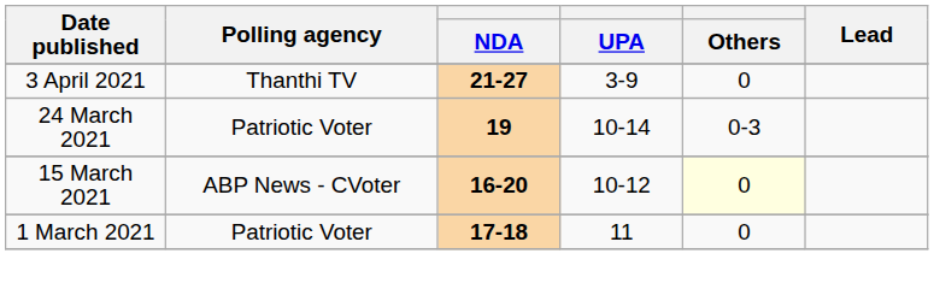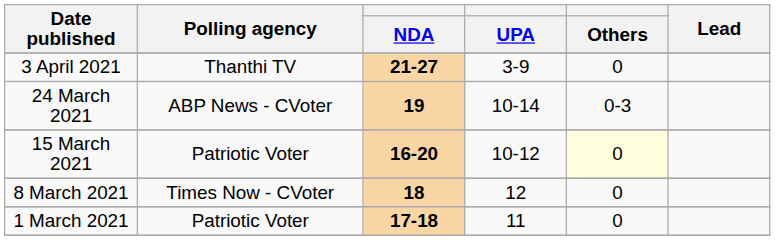 <table class="wikitable sortable" style="text-align:center;font-size:95%;line-height:16px">
 <tr>
 <th rowspan="2" width="100px">Date published</th>
 <th rowspan="2" width="175px">Polling agency</th>
 <th style="background:"></th>
 <th style="background:"></th>
 <th style="background:"></th>
 <th rowspan="2" width="75px">Lead</th>
 </tr>
 <tr>
 <th style="width:75px;"><a href='#'>NDA</a></th>
 <th style="width:75px;"><a href='#'>UPA</a></th>
 <th style="width:75px;">Others</th>
 </tr>
 <tr>
 </tr>
 <tr>
 <td>3 April 2021</td>
 <td>Thanthi TV</td>
 <td style="background:#FAD6A5;"><strong>21-27</strong></td>
 <td>3-9</td>
 <td>0</td>
 <td style="background:"><strong></strong></td>
 </tr>
 <tr>
 </tr>
 <tr>
 <td>24 March 2021</td>
-<td>Patriotic Voter </td>
+<td>ABP News - CVoter</td>
 <td style="background:#FAD6A5;"><strong>19</strong></td>
 <td>10-14</td>
 <td>0-3</td>
 <td style="background:"><strong></strong></td>
 </tr>
 <tr>
 </tr>
 <tr>
 <td>15 March 2021</td>
-<td>ABP News - CVoter</td>
+<td>Patriotic Voter </td>
 <td style="background:#FAD6A5;"><strong>16-20</strong></td>
 <td>10-12</td>
 <td style="background: lightyellow;">0</td>
 <td style="background:"><strong></strong></td>
 </tr>
 <tr>
+</tr>
+<tr>
+<td>8 March 2021</td>
+<td>Times Now - CVoter</td>
+<td style="background:#FAD6A5;"><strong>18</strong></td>
+<td>12</td>
+<td>0</td>
+<td style="background:"><strong></strong></td>
 </tr>
 <tr>
 </tr>
 <tr>
 </tr>
 <tr>
 <td>1 March 2021</td>
 <td>Patriotic Voter </td>
 <td style="background:#FAD6A5;"><strong>17-18</strong></td>
 <td>11</td>
 <td>0</td>
 <td style="background:"><strong></strong></td>
 </tr>
 <tr>
 </tr>
 </table>
